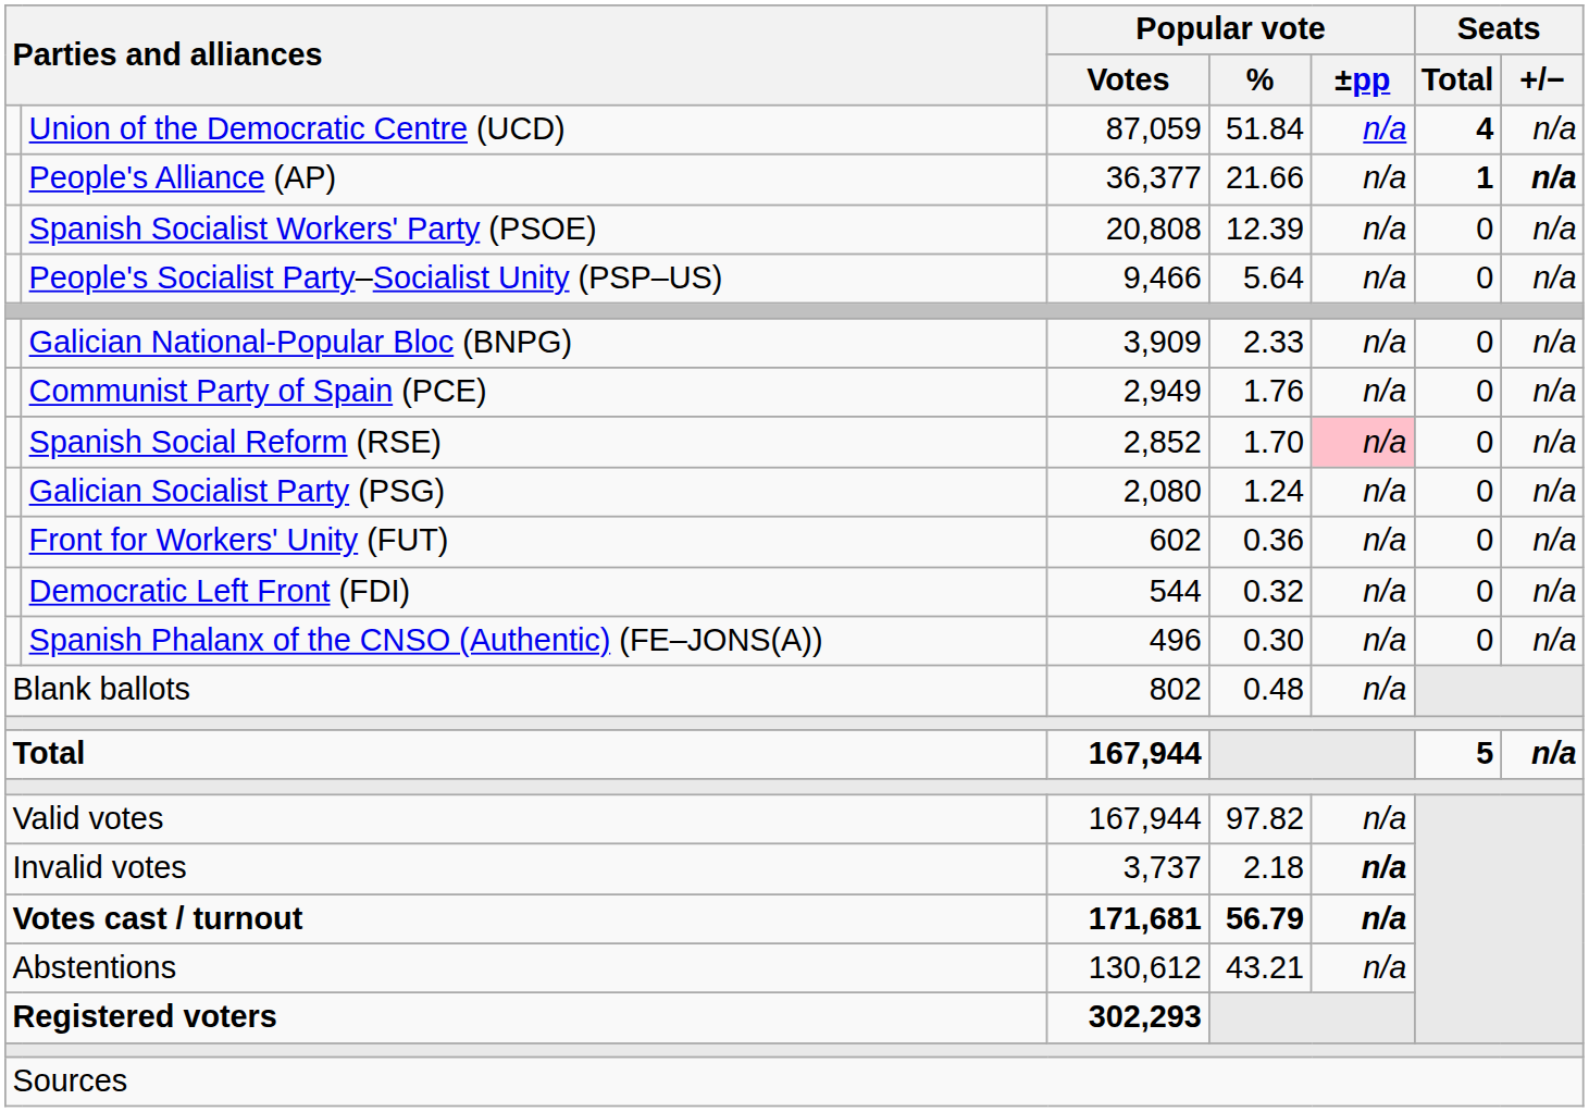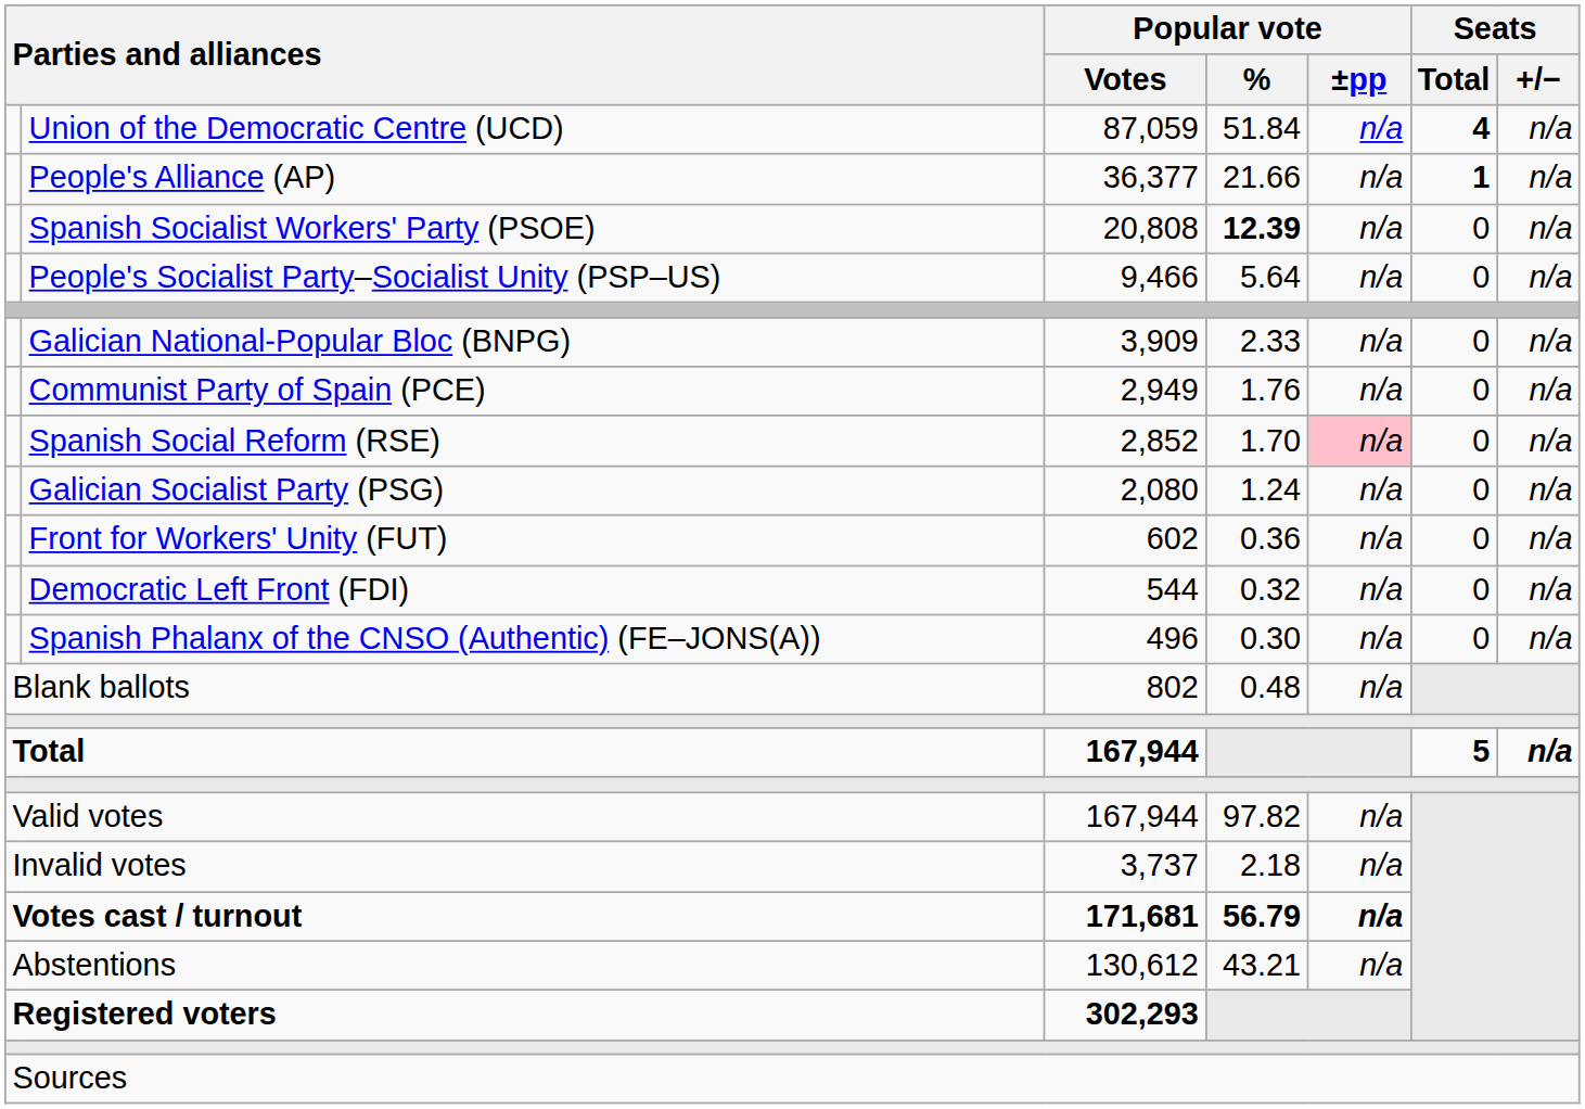 <table class="wikitable" style="text-align:right;">
 <tr>
 <th style="text-align:left;" rowspan="2" colspan="2" width="525">Parties and alliances</th>
 <th colspan="3">Popular vote</th>
 <th colspan="2">Seats</th>
 </tr>
 <tr>
 <th width="75">Votes</th>
 <th width="45">%</th>
 <th width="45">±<a href='#'>pp</a></th>
 <th width="35">Total</th>
 <th width="35">+/−</th>
 </tr>
 <tr>
 <td width="1" style="color:inherit;background:"></td>
 <td align="left"><a href='#'>Union of the Democratic Centre</a> (UCD)</td>
 <td>87,059</td>
 <td>51.84</td>
 <td><em><a href='#'>n/a</a></em></td>
 <td><strong>4</strong></td>
 <td><em>n/a</em></td>
 </tr>
 <tr>
 <td style="color:inherit;background:"></td>
 <td align="left"><a href='#'>People's Alliance</a> (AP)</td>
 <td>36,377</td>
 <td>21.66</td>
 <td><em>n/a</em></td>
 <td><strong>1</strong></td>
-<td><strong><em>n/a</em></strong></td>
+<td><em>n/a</em></td>
 </tr>
 <tr>
 <td style="color:inherit;background:"></td>
 <td align="left"><a href='#'>Spanish Socialist Workers' Party</a> (PSOE)</td>
 <td>20,808</td>
-<td>12.39</td>
+<td><strong>12.39</strong></td>
 <td><em>n/a</em></td>
 <td>0</td>
 <td><em>n/a</em></td>
 </tr>
 <tr>
 <td style="color:inherit;background:"></td>
 <td align="left"><a href='#'>People's Socialist Party</a>–<a href='#'>Socialist Unity</a> (PSP–US)</td>
 <td>9,466</td>
 <td>5.64</td>
 <td><em>n/a</em></td>
 <td>0</td>
 <td><em>n/a</em></td>
 </tr>
 <tr>
 <td colspan="7" bgcolor="#C0C0C0"></td>
 </tr>
 <tr>
 <td style="color:inherit;background:"></td>
 <td align="left"><a href='#'>Galician National-Popular Bloc</a> (BNPG)</td>
 <td>3,909</td>
 <td>2.33</td>
 <td><em>n/a</em></td>
 <td>0</td>
 <td><em>n/a</em></td>
 </tr>
 <tr>
 <td style="color:inherit;background:"></td>
 <td align="left"><a href='#'>Communist Party of Spain</a> (PCE)</td>
 <td>2,949</td>
 <td>1.76</td>
 <td><em>n/a</em></td>
 <td>0</td>
 <td><em>n/a</em></td>
 </tr>
 <tr>
 <td style="color:inherit;background:"></td>
 <td align="left"><a href='#'>Spanish Social Reform</a> (RSE)</td>
 <td>2,852</td>
 <td>1.70</td>
 <td style="background: pink;"><em>n/a</em></td>
 <td>0</td>
 <td><em>n/a</em></td>
 </tr>
 <tr>
 <td style="color:inherit;background:"></td>
 <td align="left"><a href='#'>Galician Socialist Party</a> (PSG)</td>
 <td>2,080</td>
 <td>1.24</td>
 <td><em>n/a</em></td>
 <td>0</td>
 <td><em>n/a</em></td>
 </tr>
 <tr>
 <td style="color:inherit;background:"></td>
 <td align="left"><a href='#'>Front for Workers' Unity</a> (FUT)</td>
 <td>602</td>
 <td>0.36</td>
 <td><em>n/a</em></td>
 <td>0</td>
 <td><em>n/a</em></td>
 </tr>
 <tr>
 <td style="color:inherit;background:"></td>
 <td align="left"><a href='#'>Democratic Left Front</a> (FDI)</td>
 <td>544</td>
 <td>0.32</td>
 <td><em>n/a</em></td>
 <td>0</td>
 <td><em>n/a</em></td>
 </tr>
 <tr>
 <td style="color:inherit;background:"></td>
 <td align="left"><a href='#'>Spanish Phalanx of the CNSO (Authentic)</a> (FE–JONS(A))</td>
 <td>496</td>
 <td>0.30</td>
 <td><em>n/a</em></td>
 <td>0</td>
 <td><em>n/a</em></td>
 </tr>
 <tr>
 <td align="left" colspan="2">Blank ballots</td>
 <td>802</td>
 <td>0.48</td>
 <td><em>n/a</em></td>
 <td bgcolor="#E9E9E9" colspan="2"></td>
 </tr>
 <tr>
 <td colspan="7" bgcolor="#E9E9E9"></td>
 </tr>
 <tr style="font-weight:bold;">
 <td align="left" colspan="2">Total</td>
 <td>167,944</td>
 <td bgcolor="#E9E9E9" colspan="2"></td>
 <td>5</td>
 <td><em>n/a</em></td>
 </tr>
 <tr>
 <td colspan="7" bgcolor="#E9E9E9"></td>
 </tr>
 <tr>
 <td align="left" colspan="2">Valid votes</td>
 <td>167,944</td>
 <td>97.82</td>
 <td><em>n/a</em></td>
 <td bgcolor="#E9E9E9" colspan="2" rowspan="5"></td>
 </tr>
 <tr>
 <td align="left" colspan="2">Invalid votes</td>
 <td>3,737</td>
 <td>2.18</td>
-<td><strong><em>n/a</em></strong></td>
+<td><em>n/a</em></td>
 </tr>
 <tr style="font-weight:bold;">
 <td align="left" colspan="2">Votes cast / turnout</td>
 <td>171,681</td>
 <td>56.79</td>
 <td><em>n/a</em></td>
 </tr>
 <tr>
 <td align="left" colspan="2">Abstentions</td>
 <td>130,612</td>
 <td>43.21</td>
 <td><em>n/a</em></td>
 </tr>
 <tr style="font-weight:bold;">
 <td align="left" colspan="2">Registered voters</td>
 <td>302,293</td>
 <td bgcolor="#E9E9E9" colspan="2"></td>
 </tr>
 <tr>
 <td colspan="7" bgcolor="#E9E9E9"></td>
 </tr>
 <tr>
 <td align="left" colspan="7">Sources</td>
 </tr>
 </table>
